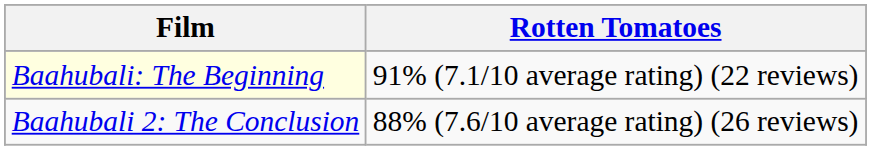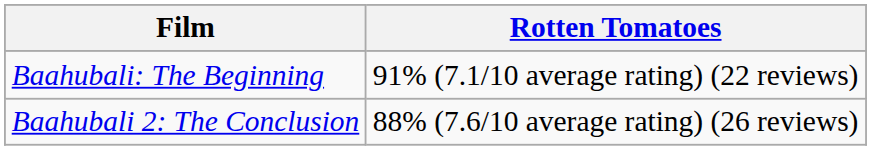 <table class="wikitable sortable">
 <tr>
 <th>Film</th>
 <th><a href='#'>Rotten Tomatoes</a></th>
 </tr>
 <tr>
-<td style="background: lightyellow;"><em><a href='#'>Baahubali: The Beginning</a></em></td>
+<td><em><a href='#'>Baahubali: The Beginning</a></em></td>
 <td>91% (7.1/10 average rating) (22 reviews)</td>
 </tr>
 <tr>
 <td><a href='#'><em>Baahubali 2: The Conclusion</em></a></td>
 <td>88% (7.6/10 average rating) (26 reviews)</td>
 </tr>
 </table>
